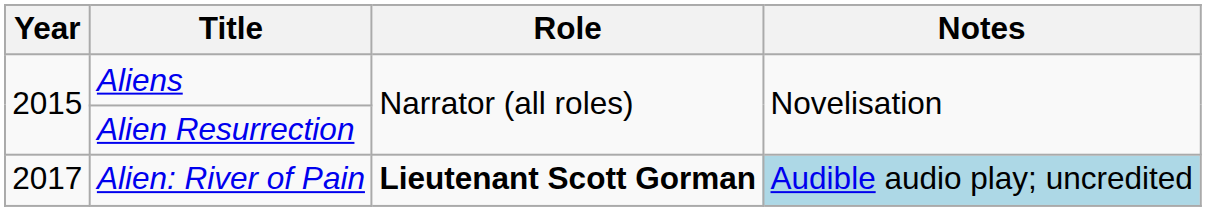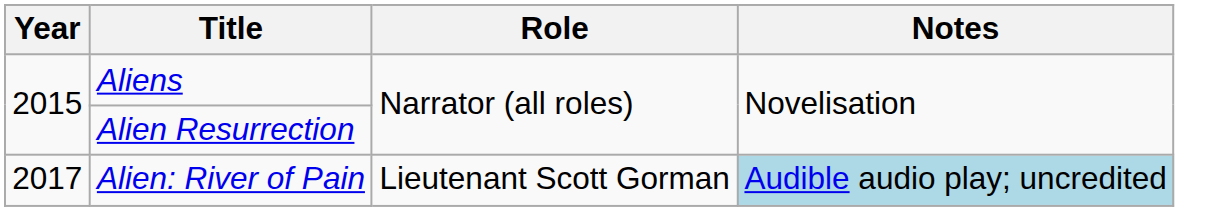 <table class="wikitable sortable">
 <tr>
 <th>Year</th>
 <th>Title</th>
 <th>Role</th>
 <th class="unsortable">Notes</th>
 </tr>
 <tr>
 <td rowspan="2">2015</td>
 <td><em><a href='#'>Aliens</a></em></td>
 <td rowspan="2">Narrator (all roles)</td>
 <td rowspan="2">Novelisation</td>
 </tr>
 <tr>
 <td><em><a href='#'>Alien Resurrection</a></em></td>
 </tr>
 <tr>
 <td>2017</td>
 <td><em><a href='#'>Alien: River of Pain</a></em></td>
-<td><strong>Lieutenant Scott Gorman</strong></td>
+<td>Lieutenant Scott Gorman</td>
 <td style="background: lightblue;"><a href='#'>Audible</a> audio play; uncredited</td>
 </tr>
 </table>
